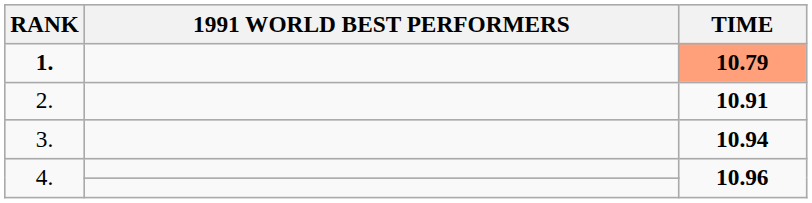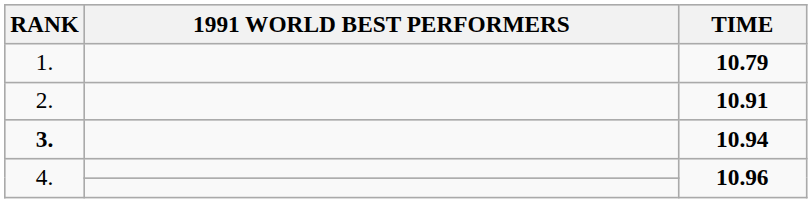 <table class="wikitable" style="border-collapse: collapse; font-size: 90%;">
 <tr>
 <th>RANK</th>
 <th align="center" style="width: 25em">1991 WORLD BEST PERFORMERS</th>
 <th align="center" style="width: 5em">TIME</th>
 </tr>
 <tr>
-<td align="center"><strong>1.</strong></td>
+<td align="center">1.</td>
 <td></td>
-<td align="center" style="background: lightsalmon;"><strong>10.79</strong></td>
+<td align="center"><strong>10.79</strong></td>
 </tr>
 <tr>
 <td align="center">2.</td>
 <td></td>
 <td align="center"><strong>10.91</strong></td>
 </tr>
 <tr>
-<td align="center">3.</td>
+<td align="center"><strong>3.</strong></td>
 <td></td>
 <td align="center"><strong>10.94</strong></td>
 </tr>
 <tr>
 <td rowspan=2 align="center">4.</td>
 <td></td>
 <td rowspan=2 align="center"><strong>10.96</strong></td>
 </tr>
 <tr>
 <td></td>
 </tr>
 </table>
